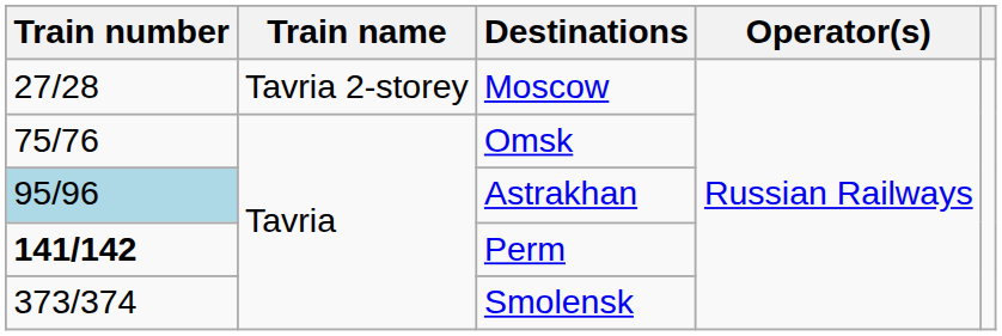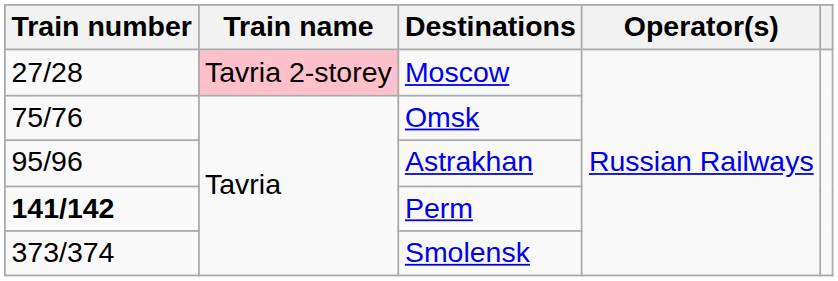 <table class="wikitable">
 <tr>
 <th>Train number</th>
 <th>Train name</th>
 <th>Destinations</th>
 <th>Operator(s)</th>
 <th></th>
 </tr>
 <tr>
 <td>27/28</td>
-<td>Tavria 2-storey</td>
+<td style="background: pink;">Tavria 2-storey</td>
 <td> <a href='#'>Moscow</a></td>
 <td rowspan="5"><a href='#'>Russian Railways</a></td>
 <td rowspan="5"></td>
 </tr>
 <tr>
 <td>75/76</td>
 <td rowspan="4">Tavria</td>
 <td> <a href='#'>Omsk</a></td>
 </tr>
 <tr>
-<td style="background: lightblue;">95/96</td>
+<td>95/96</td>
 <td> <a href='#'>Astrakhan</a></td>
 </tr>
 <tr>
 <td><strong>141/142</strong></td>
 <td> <a href='#'>Perm</a></td>
 </tr>
 <tr>
 <td>373/374</td>
 <td> <a href='#'>Smolensk</a></td>
 </tr>
 </table>
